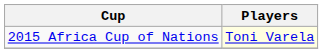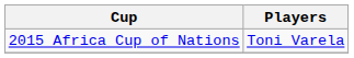 <table class="wikitable" style="text-align: left">
 <tr style="text-align: center">
 <th>Cup</th>
 <th>Players</th>
 </tr>
 <tr>
 <td align="left"> <a href='#'>2015 Africa Cup of Nations</a></td>
-<td style="background: lightyellow;"> <a href='#'>Toni Varela</a></td>
+<td> <a href='#'>Toni Varela</a></td>
 </tr>
 <tr>
 </tr>
 </table>
